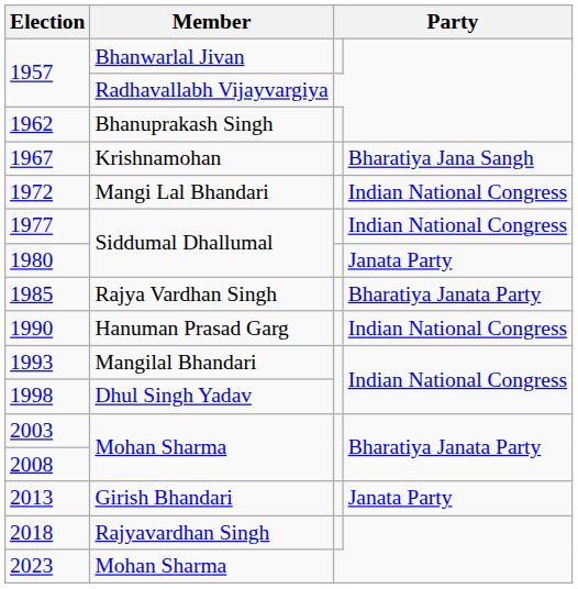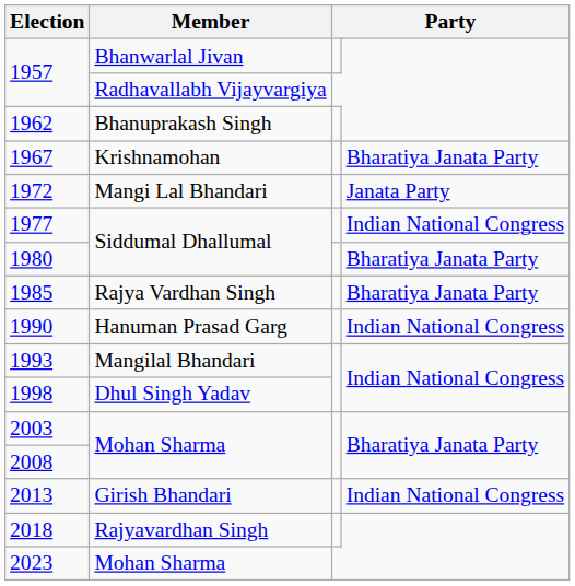 <table class="wikitable sortable">
 <tr>
 <th>Election</th>
 <th>Member</th>
 <th colspan="2">Party</th>
 </tr>
 <tr>
 <td rowspan=2><a href='#'>1957</a></td>
 <td><a href='#'>Bhanwarlal Jivan</a></td>
 <td></td>
 </tr>
 <tr>
 <td><a href='#'>Radhavallabh Vijayvargiya</a></td>
 </tr>
 <tr>
 <td><a href='#'>1962</a></td>
 <td>Bhanuprakash Singh</td>
 <td></td>
 </tr>
 <tr>
 <td><a href='#'>1967</a></td>
 <td>Krishnamohan</td>
 <td style="background-color: "></td>
-<td><a href='#'>Bharatiya Jana Sangh</a></td>
+<td><a href='#'>Bharatiya Janata Party</a></td>
 </tr>
 <tr>
 <td><a href='#'>1972</a></td>
 <td>Mangi Lal Bhandari</td>
 <td style="background-color: "></td>
-<td><a href='#'>Indian National Congress</a></td>
+<td><a href='#'>Janata Party</a></td>
 </tr>
 <tr>
 <td><a href='#'>1977</a></td>
 <td rowspan=2>Siddumal Dhallumal</td>
 <td style="background-color: "></td>
 <td><a href='#'>Indian National Congress</a></td>
 </tr>
 <tr>
 <td><a href='#'>1980</a></td>
 <td style="background-color: "></td>
-<td><a href='#'>Janata Party</a></td>
+<td><a href='#'>Bharatiya Janata Party</a></td>
 </tr>
 <tr>
 <td><a href='#'>1985</a></td>
 <td>Rajya Vardhan Singh</td>
 <td style="background-color: "></td>
 <td><a href='#'>Bharatiya Janata Party</a></td>
 </tr>
 <tr>
 <td><a href='#'>1990</a></td>
 <td>Hanuman Prasad Garg</td>
 <td style="background-color: "></td>
 <td><a href='#'>Indian National Congress</a></td>
 </tr>
 <tr>
 <td><a href='#'>1993</a></td>
 <td>Mangilal Bhandari</td>
 <td rowspan="2" style="background-color: "></td>
 <td rowspan="2"><a href='#'>Indian National Congress</a></td>
 </tr>
 <tr>
 <td><a href='#'>1998</a></td>
 <td><a href='#'>Dhul Singh Yadav</a></td>
 </tr>
 <tr>
 <td><a href='#'>2003</a></td>
 <td rowspan="2"><a href='#'>Mohan Sharma</a></td>
 <td rowspan="2" style="background-color: "></td>
 <td rowspan="2"><a href='#'>Bharatiya Janata Party</a></td>
 </tr>
 <tr>
 <td><a href='#'>2008</a></td>
 </tr>
 <tr>
 <td><a href='#'>2013</a></td>
 <td><a href='#'>Girish Bhandari</a></td>
 <td style="background-color: "></td>
-<td><a href='#'>Janata Party</a></td>
+<td><a href='#'>Indian National Congress</a></td>
 </tr>
 <tr>
 <td><a href='#'>2018</a></td>
 <td><a href='#'>Rajyavardhan Singh</a></td>
 <td></td>
 </tr>
 <tr>
 <td><a href='#'>2023</a></td>
 <td><a href='#'>Mohan Sharma</a></td>
 </tr>
 </table>
